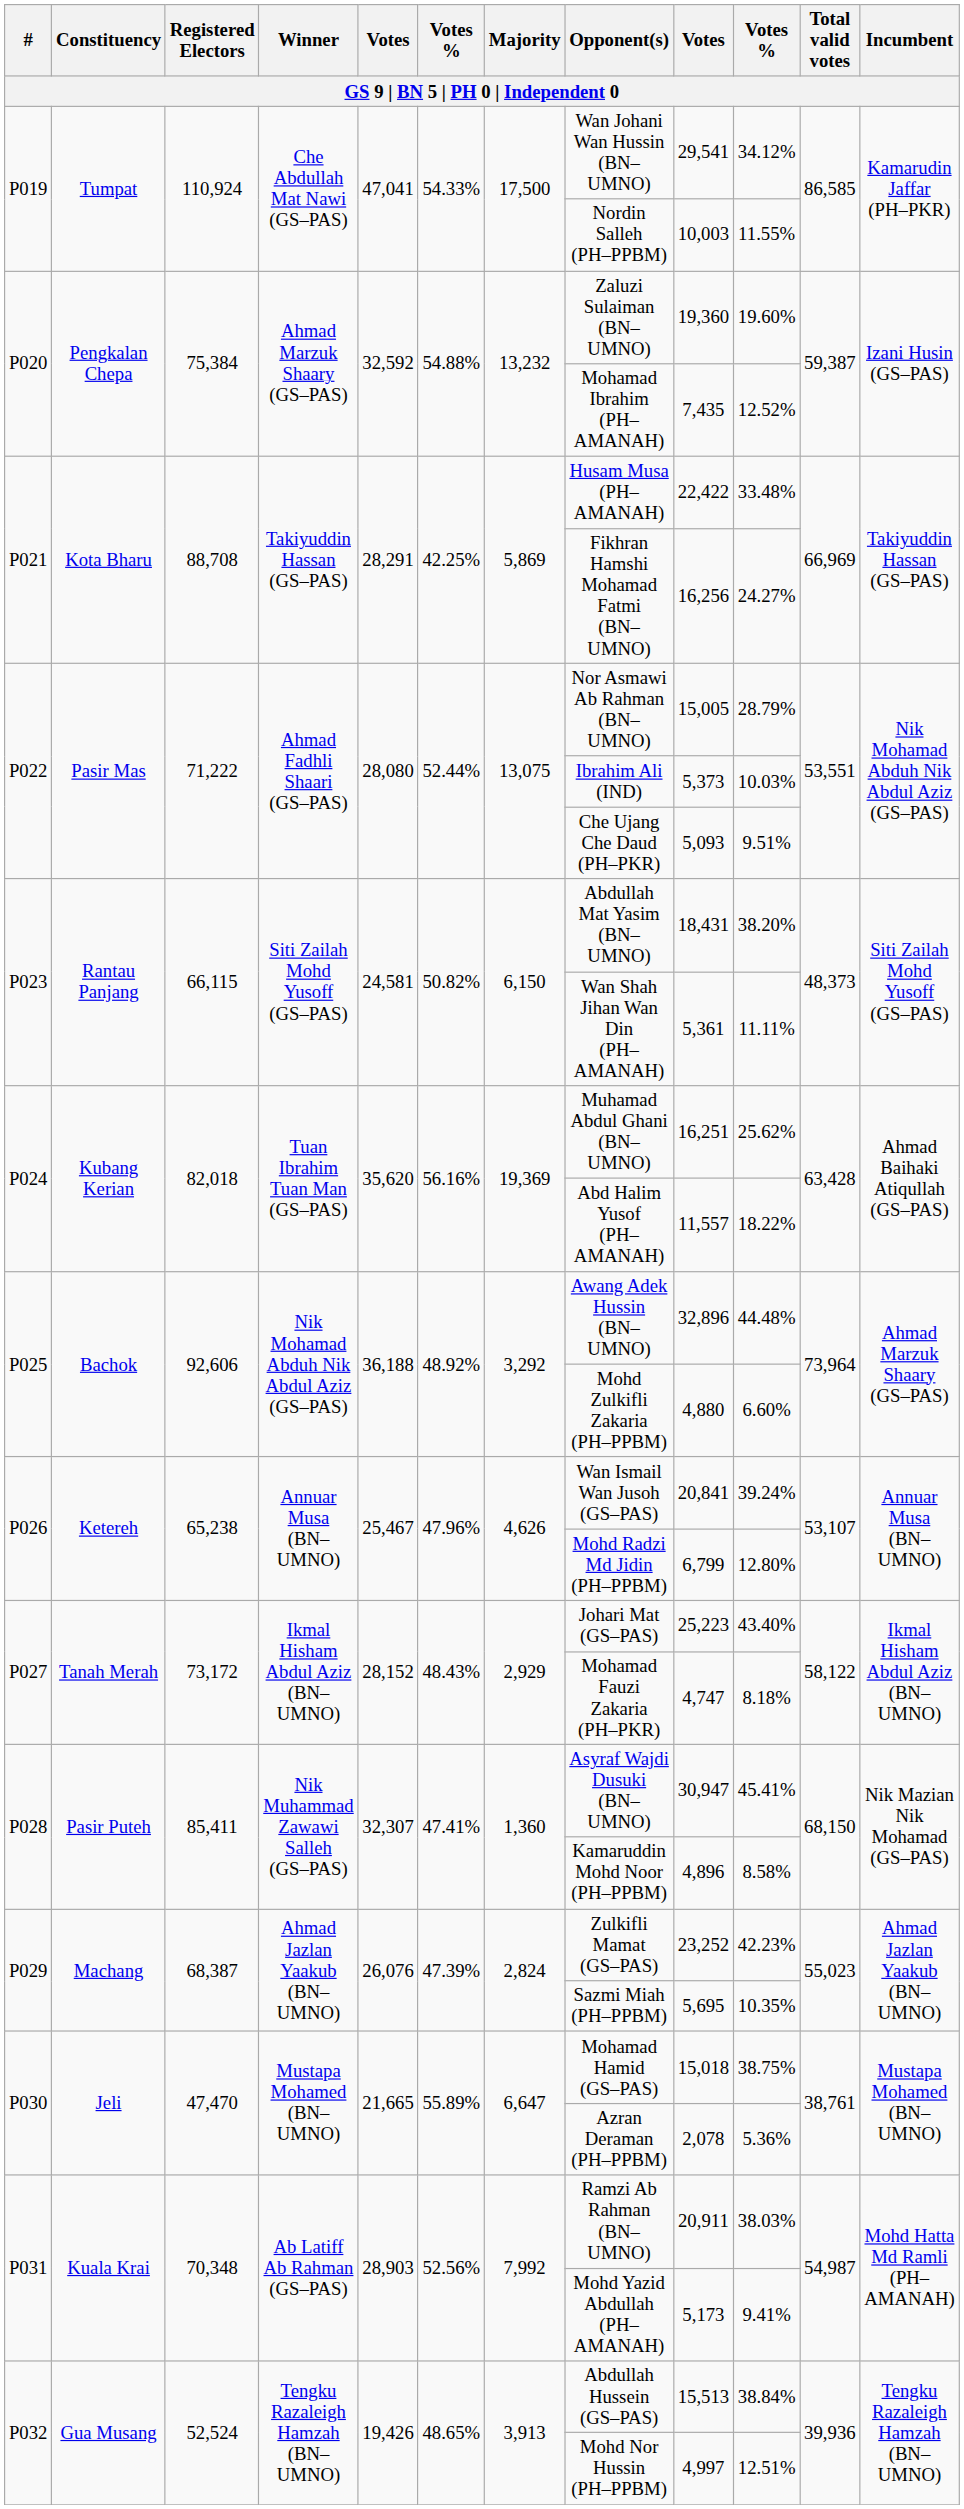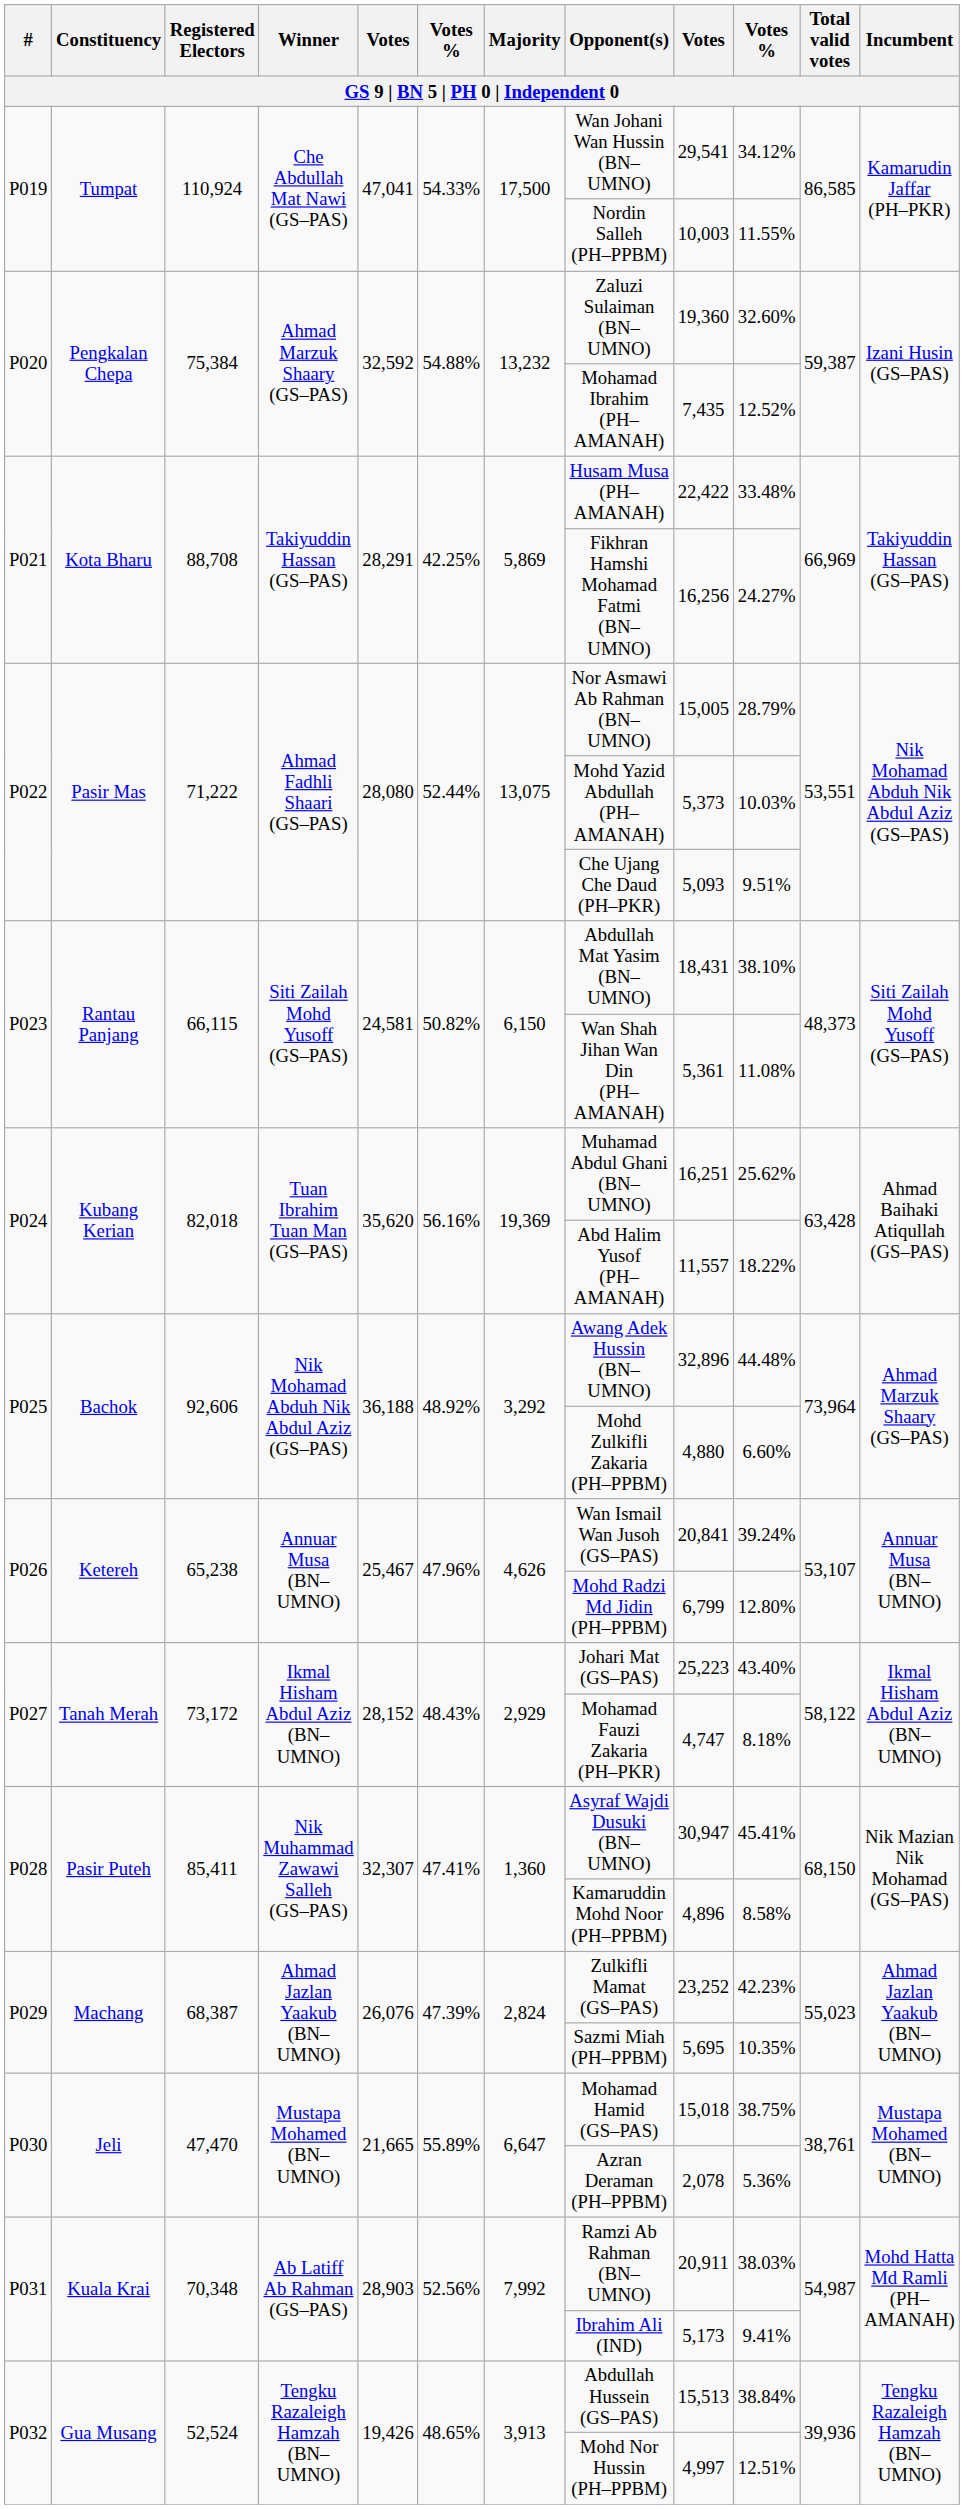 <table class="wikitable sortable" style">
 <tr>
 <th>#</th>
 <th>Constituency</th>
 <th>Registered Electors</th>
 <th>Winner</th>
 <th>Votes</th>
 <th>Votes %</th>
 <th>Majority</th>
 <th>Opponent(s)</th>
 <th>Votes</th>
 <th>Votes %</th>
 <th>Total valid votes</th>
 <th>Incumbent</th>
 </tr>
 <tr>
 <th colspan="13"><a href='#'>GS</a> <strong>9</strong> | <a href='#'>BN</a> <strong>5</strong> | <a href='#'>PH</a> <strong>0</strong> | <a href='#'>Independent</a> <strong>0</strong></th>
 </tr>
 <tr align="center">
 <td rowspan=2>P019</td>
 <td rowspan=2><a href='#'>Tumpat</a></td>
 <td rowspan=2>110,924</td>
 <td rowspan=2><a href='#'>Che Abdullah Mat Nawi</a><br>(GS–PAS)</td>
 <td rowspan=2>47,041</td>
 <td rowspan=2>54.33%</td>
 <td rowspan=2>17,500</td>
 <td>Wan Johani Wan Hussin<br>(BN–UMNO)</td>
 <td>29,541</td>
 <td>34.12%</td>
 <td rowspan=2>86,585</td>
 <td rowspan=2><a href='#'>Kamarudin Jaffar</a><br>(PH–PKR)</td>
 </tr>
 <tr align="center">
 <td>Nordin Salleh<br>(PH–PPBM)</td>
 <td>10,003</td>
 <td>11.55%</td>
 </tr>
 <tr align="center">
 <td rowspan=2>P020</td>
 <td rowspan=2><a href='#'>Pengkalan Chepa</a></td>
 <td rowspan=2>75,384</td>
 <td rowspan=2><a href='#'>Ahmad Marzuk Shaary</a><br>(GS–PAS)</td>
 <td rowspan=2>32,592</td>
 <td rowspan=2>54.88%</td>
 <td rowspan=2>13,232</td>
 <td>Zaluzi Sulaiman<br>(BN–UMNO)</td>
 <td>19,360</td>
-<td>19.60%</td>
+<td>32.60%</td>
 <td rowspan=2>59,387</td>
 <td rowspan=2><a href='#'>Izani Husin</a><br>(GS–PAS)</td>
 </tr>
 <tr align="center">
 <td>Mohamad Ibrahim<br>(PH–AMANAH)</td>
 <td>7,435</td>
 <td>12.52%</td>
 </tr>
 <tr align="center">
 <td rowspan=2>P021</td>
 <td rowspan=2><a href='#'>Kota Bharu</a></td>
 <td rowspan=2>88,708</td>
 <td rowspan=2><a href='#'>Takiyuddin Hassan</a><br>(GS–PAS)</td>
 <td rowspan=2>28,291</td>
 <td rowspan=2>42.25%</td>
 <td rowspan=2>5,869</td>
 <td><a href='#'>Husam Musa</a><br>(PH–AMANAH)</td>
 <td>22,422</td>
 <td>33.48%</td>
 <td rowspan=2>66,969</td>
 <td rowspan=2><a href='#'>Takiyuddin Hassan</a><br>(GS–PAS)</td>
 </tr>
 <tr align="center">
 <td>Fikhran Hamshi Mohamad Fatmi<br>(BN–UMNO)</td>
 <td>16,256</td>
 <td>24.27%</td>
 </tr>
 <tr align="center">
 <td rowspan=3>P022</td>
 <td rowspan=3><a href='#'>Pasir Mas</a></td>
 <td rowspan=3>71,222</td>
 <td rowspan=3><a href='#'>Ahmad Fadhli Shaari</a><br>(GS–PAS)</td>
 <td rowspan=3>28,080</td>
 <td rowspan=3>52.44%</td>
 <td rowspan=3>13,075</td>
 <td>Nor Asmawi Ab Rahman<br>(BN–UMNO)</td>
 <td>15,005</td>
 <td>28.79%</td>
 <td rowspan=3>53,551</td>
 <td rowspan=3><a href='#'>Nik Mohamad Abduh Nik Abdul Aziz</a><br>(GS–PAS)</td>
 </tr>
 <tr align="center">
-<td><a href='#'>Ibrahim Ali</a><br>(IND)</td>
+<td>Mohd Yazid Abdullah<br>(PH–AMANAH)</td>
 <td>5,373</td>
 <td>10.03%</td>
 </tr>
 <tr align="center">
 <td>Che Ujang Che Daud<br>(PH–PKR)</td>
 <td>5,093</td>
 <td>9.51%</td>
 </tr>
 <tr align="center">
 <td rowspan=2>P023</td>
 <td rowspan=2><a href='#'>Rantau Panjang</a></td>
 <td rowspan=2>66,115</td>
 <td rowspan=2><a href='#'>Siti Zailah Mohd Yusoff</a><br>(GS–PAS)</td>
 <td rowspan=2>24,581</td>
 <td rowspan=2>50.82%</td>
 <td rowspan=2>6,150</td>
 <td>Abdullah Mat Yasim<br>(BN–UMNO)</td>
 <td>18,431</td>
-<td>38.20%</td>
+<td>38.10%</td>
 <td rowspan=2>48,373</td>
 <td rowspan=2><a href='#'>Siti Zailah Mohd Yusoff</a><br>(GS–PAS)</td>
 </tr>
 <tr align="center">
 <td>Wan Shah Jihan Wan Din<br>(PH–AMANAH)</td>
 <td>5,361</td>
-<td>11.11%</td>
+<td>11.08%</td>
 </tr>
 <tr align="center">
 <td rowspan=2>P024</td>
 <td rowspan=2><a href='#'>Kubang Kerian</a></td>
 <td rowspan=2>82,018</td>
 <td rowspan=2><a href='#'>Tuan Ibrahim Tuan Man</a><br>(GS–PAS)</td>
 <td rowspan=2>35,620</td>
 <td rowspan=2>56.16%</td>
 <td rowspan=2>19,369</td>
 <td>Muhamad Abdul Ghani<br>(BN–UMNO)</td>
 <td>16,251</td>
 <td>25.62%</td>
 <td rowspan=2>63,428</td>
 <td rowspan=2>Ahmad Baihaki Atiqullah<br>(GS–PAS)</td>
 </tr>
 <tr align="center">
 <td>Abd Halim Yusof<br>(PH–AMANAH)</td>
 <td>11,557</td>
 <td>18.22%</td>
 </tr>
 <tr align="center">
 <td rowspan=2>P025</td>
 <td rowspan=2><a href='#'>Bachok</a></td>
 <td rowspan=2>92,606</td>
 <td rowspan=2><a href='#'>Nik Mohamad Abduh Nik Abdul Aziz</a><br>(GS–PAS)</td>
 <td rowspan=2>36,188</td>
 <td rowspan=2>48.92%</td>
 <td rowspan=2>3,292</td>
 <td><a href='#'>Awang Adek Hussin</a><br>(BN–UMNO)</td>
 <td>32,896</td>
 <td>44.48%</td>
 <td rowspan=2>73,964</td>
 <td rowspan=2><a href='#'>Ahmad Marzuk Shaary</a><br>(GS–PAS)</td>
 </tr>
 <tr align="center">
 <td>Mohd Zulkifli Zakaria<br>(PH–PPBM)</td>
 <td>4,880</td>
 <td>6.60%</td>
 </tr>
 <tr align="center">
 <td rowspan=2>P026</td>
 <td rowspan=2><a href='#'>Ketereh</a></td>
 <td rowspan=2>65,238</td>
 <td rowspan=2><a href='#'>Annuar Musa</a><br>(BN–UMNO)</td>
 <td rowspan=2>25,467</td>
 <td rowspan=2>47.96%</td>
 <td rowspan=2>4,626</td>
 <td>Wan Ismail Wan Jusoh<br>(GS–PAS)</td>
 <td>20,841</td>
 <td>39.24%</td>
 <td rowspan=2>53,107</td>
 <td rowspan=2><a href='#'>Annuar Musa</a><br>(BN–UMNO)</td>
 </tr>
 <tr align="center">
 <td><a href='#'>Mohd Radzi Md Jidin</a><br>(PH–PPBM)</td>
 <td>6,799</td>
 <td>12.80%</td>
 </tr>
 <tr align="center">
 <td rowspan=2>P027</td>
 <td rowspan=2><a href='#'>Tanah Merah</a></td>
 <td rowspan=2>73,172</td>
 <td rowspan=2><a href='#'>Ikmal Hisham Abdul Aziz</a><br>(BN–UMNO)</td>
 <td rowspan=2>28,152</td>
 <td rowspan=2>48.43%</td>
 <td rowspan=2>2,929</td>
 <td>Johari Mat<br>(GS–PAS)</td>
 <td>25,223</td>
 <td>43.40%</td>
 <td rowspan=2>58,122</td>
 <td rowspan=2><a href='#'>Ikmal Hisham Abdul Aziz</a><br>(BN–UMNO)</td>
 </tr>
 <tr align="center">
 <td>Mohamad Fauzi Zakaria<br>(PH–PKR)</td>
 <td>4,747</td>
 <td>8.18%</td>
 </tr>
 <tr align="center">
 <td rowspan=2>P028</td>
 <td rowspan=2><a href='#'>Pasir Puteh</a></td>
 <td rowspan=2>85,411</td>
 <td rowspan=2><a href='#'>Nik Muhammad Zawawi Salleh</a><br>(GS–PAS)</td>
 <td rowspan=2>32,307</td>
 <td rowspan=2>47.41%</td>
 <td rowspan=2>1,360</td>
 <td><a href='#'>Asyraf Wajdi Dusuki</a><br>(BN–UMNO)</td>
 <td>30,947</td>
 <td>45.41%</td>
 <td rowspan=2>68,150</td>
 <td rowspan=2>Nik Mazian Nik Mohamad<br>(GS–PAS)</td>
 </tr>
 <tr align="center">
 <td>Kamaruddin Mohd Noor<br>(PH–PPBM)</td>
 <td>4,896</td>
 <td>8.58%</td>
 </tr>
 <tr align="center">
 <td rowspan=2>P029</td>
 <td rowspan=2><a href='#'>Machang</a></td>
 <td rowspan=2>68,387</td>
 <td rowspan=2><a href='#'>Ahmad Jazlan Yaakub</a><br>(BN–UMNO)</td>
 <td rowspan=2>26,076</td>
 <td rowspan=2>47.39%</td>
 <td rowspan=2>2,824</td>
 <td>Zulkifli Mamat<br>(GS–PAS)</td>
 <td>23,252</td>
 <td>42.23%</td>
 <td rowspan=2>55,023</td>
 <td rowspan=2><a href='#'>Ahmad Jazlan Yaakub</a><br>(BN–UMNO)</td>
 </tr>
 <tr align="center">
 <td>Sazmi Miah<br>(PH–PPBM)</td>
 <td>5,695</td>
 <td>10.35%</td>
 </tr>
 <tr align="center">
 <td rowspan=2>P030</td>
 <td rowspan=2><a href='#'>Jeli</a></td>
 <td rowspan=2>47,470</td>
 <td rowspan=2><a href='#'>Mustapa Mohamed</a><br>(BN–UMNO)</td>
 <td rowspan=2>21,665</td>
 <td rowspan=2>55.89%</td>
 <td rowspan=2>6,647</td>
 <td>Mohamad Hamid<br>(GS–PAS)</td>
 <td>15,018</td>
 <td>38.75%</td>
 <td rowspan=2>38,761</td>
 <td rowspan=2><a href='#'>Mustapa Mohamed</a><br>(BN–UMNO)</td>
 </tr>
 <tr align="center">
 <td>Azran Deraman<br>(PH–PPBM)</td>
 <td>2,078</td>
 <td>5.36%</td>
 </tr>
 <tr align="center">
 <td rowspan=2>P031</td>
 <td rowspan=2><a href='#'>Kuala Krai</a></td>
 <td rowspan=2>70,348</td>
 <td rowspan=2><a href='#'>Ab Latiff Ab Rahman</a><br>(GS–PAS)</td>
 <td rowspan=2>28,903</td>
 <td rowspan=2>52.56%</td>
 <td rowspan=2>7,992</td>
 <td>Ramzi Ab Rahman<br>(BN–UMNO)</td>
 <td>20,911</td>
 <td>38.03%</td>
 <td rowspan=2>54,987</td>
 <td rowspan=2><a href='#'>Mohd Hatta Md Ramli</a><br>(PH–AMANAH)</td>
 </tr>
 <tr align="center">
-<td>Mohd Yazid Abdullah<br>(PH–AMANAH)</td>
+<td><a href='#'>Ibrahim Ali</a><br>(IND)</td>
 <td>5,173</td>
 <td>9.41%</td>
 </tr>
 <tr align="center">
 <td rowspan=2>P032</td>
 <td rowspan=2><a href='#'>Gua Musang</a></td>
 <td rowspan=2>52,524</td>
 <td rowspan=2><a href='#'>Tengku Razaleigh Hamzah</a><br>(BN–UMNO)</td>
 <td rowspan=2>19,426</td>
 <td rowspan=2>48.65%</td>
 <td rowspan=2>3,913</td>
 <td>Abdullah Hussein<br>(GS–PAS)</td>
 <td>15,513</td>
 <td>38.84%</td>
 <td rowspan=2>39,936</td>
 <td rowspan=2><a href='#'>Tengku Razaleigh Hamzah</a><br>(BN–UMNO)</td>
 </tr>
 <tr align="center">
 <td>Mohd Nor Hussin<br>(PH–PPBM)</td>
 <td>4,997</td>
 <td>12.51%</td>
 </tr>
 </table>
